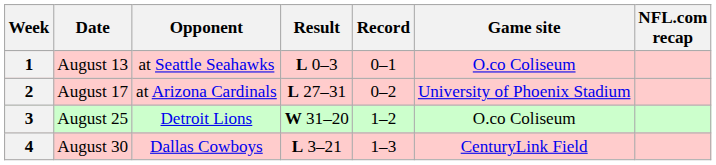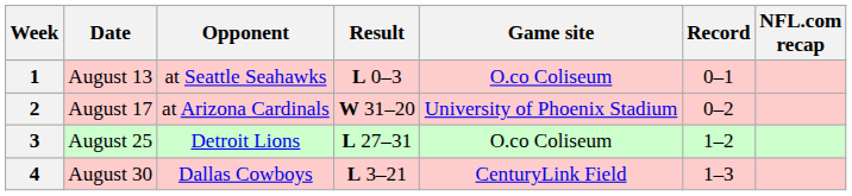 <table class="wikitable" style="align=center">
 <tr>
 <th +>Week</th>
 <th +>Date</th>
 <th +>Opponent</th>
 <th +>Result</th>
+<th +>Game site</th>
 <th +>Record</th>
-<th +>Game site</th>
 <th +>NFL.com<br>recap</th>
 </tr>
 <tr style="background:#fcc; text-align:center;">
 <th>1</th>
 <td>August 13</td>
 <td>at <a href='#'>Seattle Seahawks</a></td>
 <td><strong>L</strong> 0–3</td>
+<td><a href='#'>O.co Coliseum</a></td>
 <td>0–1</td>
-<td><a href='#'>O.co Coliseum</a></td>
 <td></td>
 </tr>
 <tr style="background:#fcc; text-align:center;">
 <th>2</th>
 <td>August 17</td>
 <td>at <a href='#'>Arizona Cardinals</a></td>
-<td><strong>L</strong> 27–31</td>
+<td><strong>W</strong> 31–20</td>
+<td><a href='#'>University of Phoenix Stadium</a></td>
 <td>0–2</td>
-<td><a href='#'>University of Phoenix Stadium</a></td>
 <td></td>
 </tr>
 <tr style="background:#cfc; text-align:center;">
 <th>3</th>
 <td>August 25</td>
 <td><a href='#'>Detroit Lions</a></td>
-<td><strong>W</strong> 31–20</td>
+<td><strong>L</strong> 27–31</td>
+<td>O.co Coliseum</td>
 <td>1–2</td>
-<td>O.co Coliseum</td>
 <td></td>
 </tr>
 <tr style="background:#fcc; text-align:center;">
 <th>4</th>
 <td>August 30</td>
 <td><a href='#'>Dallas Cowboys</a></td>
 <td><strong>L</strong> 3–21</td>
+<td><a href='#'>CenturyLink Field</a></td>
 <td>1–3</td>
-<td><a href='#'>CenturyLink Field</a></td>
 <td></td>
 </tr>
 </table>
